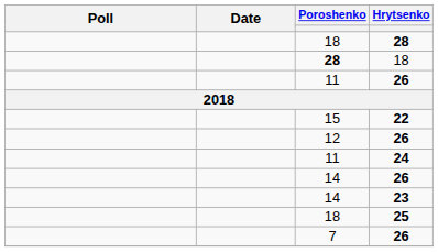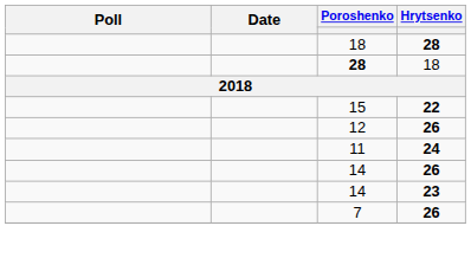 <table class="wikitable" style="text-align:center;font-size:95%;line-height:14px;">
 <tr>
 <th rowspan=2 style="width:200px;">Poll</th>
 <th rowspan=2 style="width:100px;">Date</th>
 <th> <small><a href='#'>Poroshenko</a></small><br></th>
 <th><small><a href='#'>Hrytsenko</a></small><br></th>
 </tr>
 <tr>
 <th style="background:"></th>
 <th style="background:"></th>
 </tr>
 <tr>
 <td></td>
 <td></td>
 <td>18</td>
 <td style="background-color:#"><strong>28</strong></td>
 </tr>
 <tr>
 <td></td>
 <td></td>
 <td style="background-color:#"><strong>28</strong></td>
 <td>18</td>
-</tr>
-<tr>
-<td></td>
-<td></td>
-<td>11</td>
-<td style="background-color:#"><strong>26</strong></td>
 </tr>
 <tr>
 <th colspan=4>2018</th>
 </tr>
 <tr>
 <td></td>
 <td></td>
 <td>15</td>
 <td style="background-color:#"><strong>22</strong></td>
 </tr>
 <tr>
 <td> </td>
 <td></td>
 <td>12</td>
 <td style="background-color:#"><strong>26</strong></td>
 </tr>
 <tr>
 <td></td>
 <td></td>
 <td>11</td>
 <td style="background-color:#"><strong>24</strong></td>
 </tr>
 <tr>
 <td></td>
 <td></td>
 <td>14</td>
 <td style="background-color:#"><strong>26</strong></td>
 </tr>
 <tr>
 <td></td>
 <td></td>
 <td>14</td>
 <td style="background-color:#"><strong>23</strong></td>
 </tr>
 <tr>
-<td> </td>
-<td></td>
-<td>18</td>
-<td style="background-color:#"><strong>25</strong></td>
-</tr>
-<tr>
 <td></td>
 <td></td>
 <td>7</td>
 <td style="background-color:#"><strong>26</strong></td>
 </tr>
 <tr>
 </tr>
 </table>
